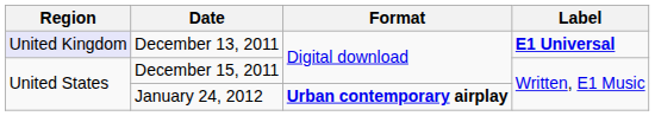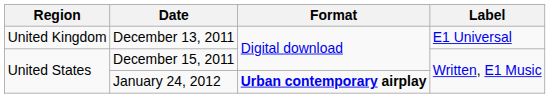 <table class="wikitable">
 <tr>
 <th>Region</th>
 <th>Date</th>
 <th>Format</th>
 <th>Label</th>
 </tr>
 <tr>
-<td style="background: lavender;">United Kingdom</td>
+<td>United Kingdom</td>
 <td>December 13, 2011</td>
 <td rowspan="2"><a href='#'>Digital download</a></td>
-<td><strong><a href='#'>E1 Universal</a></strong></td>
+<td><a href='#'>E1 Universal</a></td>
 </tr>
 <tr>
 <td rowspan="2">United States</td>
 <td>December 15, 2011</td>
 <td rowspan="2"><a href='#'>Written</a>, <a href='#'>E1 Music</a></td>
 </tr>
 <tr>
 <td>January 24, 2012</td>
 <td><strong><a href='#'>Urban contemporary</a> airplay</strong></td>
 </tr>
 </table>
